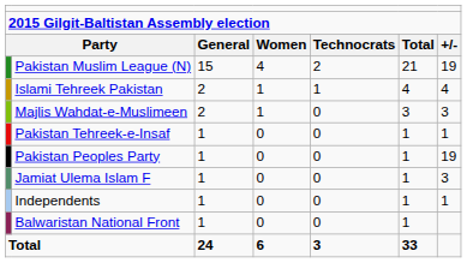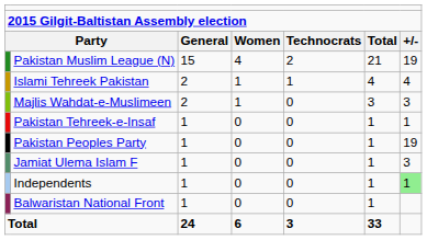 <table class="wikitable">
 <tr>
 <td colspan="7"></td>
 </tr>
 <tr>
 <td colspan="7"><strong><a href='#'>2015 Gilgit-Baltistan Assembly election</a></strong></td>
 </tr>
 <tr>
 <th colspan="2">Party</th>
 <th>General</th>
 <th>Women</th>
 <th>Technocrats</th>
 <th>Total</th>
 <th>+/-</th>
 </tr>
 <tr>
 <td style="color:inherit;background:#228b22"></td>
 <td><a href='#'>Pakistan Muslim League (N)</a></td>
 <td>15</td>
 <td>4</td>
 <td>2</td>
 <td>21</td>
 <td>19</td>
 </tr>
 <tr>
 <td style="color:inherit;background:#c69900"></td>
 <td><a href='#'>Islami Tehreek Pakistan</a></td>
 <td>2</td>
 <td>1</td>
 <td>1</td>
 <td>4</td>
 <td>4</td>
 </tr>
 <tr>
 <td style="color:inherit;background:#80bf0b"></td>
 <td><a href='#'>Majlis Wahdat-e-Muslimeen</a></td>
 <td>2</td>
 <td>1</td>
 <td>0</td>
 <td>3</td>
 <td>3</td>
 </tr>
 <tr>
 <td style="color:inherit;background:#E70A0A"></td>
 <td><a href='#'>Pakistan Tehreek-e-Insaf</a></td>
 <td>1</td>
 <td>0</td>
 <td>0</td>
 <td>1</td>
 <td>1</td>
 </tr>
 <tr>
 <td style="color:inherit;background:#000000"></td>
 <td><a href='#'>Pakistan Peoples Party</a></td>
 <td>1</td>
 <td>0</td>
 <td>0</td>
 <td>1</td>
 <td>19</td>
 </tr>
 <tr>
 <td style="color:inherit;background:#528d6b"></td>
 <td><a href='#'>Jamiat Ulema Islam F</a></td>
 <td>1</td>
 <td>0</td>
 <td>0</td>
 <td>1</td>
 <td>3</td>
 </tr>
 <tr>
 <td style="color:inherit;background:#a6caf0"></td>
 <td>Independents</td>
 <td>1</td>
 <td>0</td>
 <td>0</td>
 <td>1</td>
-<td>1</td>
+<td style="background: lightgreen;">1</td>
 </tr>
 <tr>
 <td style="color:inherit;background:#8b2257"></td>
 <td><a href='#'>Balwaristan National Front</a></td>
 <td>1</td>
 <td>0</td>
 <td>0</td>
 <td>1</td>
 <td></td>
 </tr>
 <tr>
 <td colspan="2"><strong>Total</strong></td>
 <td><strong>24</strong></td>
 <td><strong>6</strong></td>
 <td><strong>3</strong></td>
 <td><strong>33</strong></td>
 <td></td>
 </tr>
 </table>
